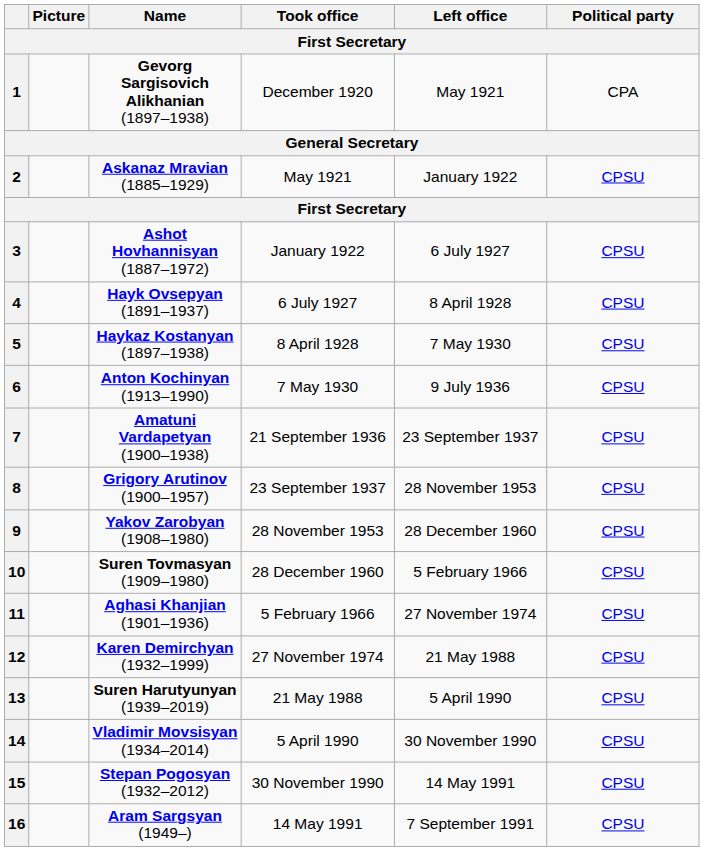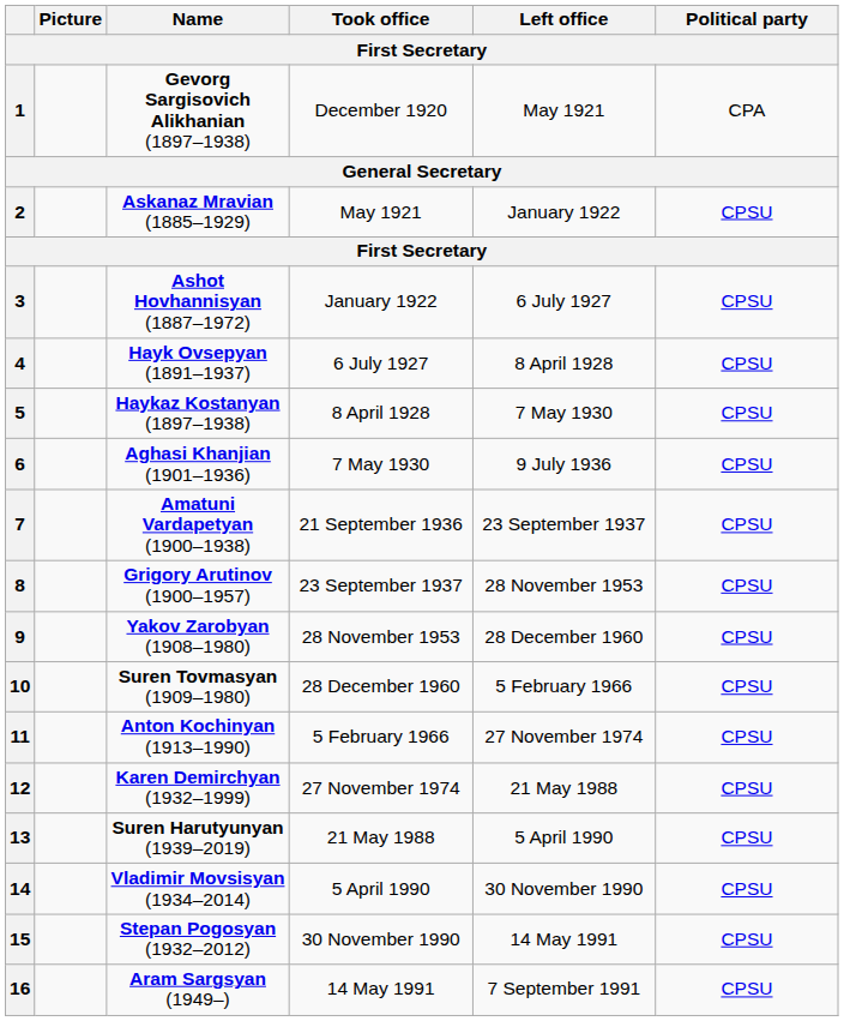 <table class="wikitable" style="text-align:center">
 <tr>
 <th></th>
 <th>Picture</th>
 <th width="150">Name<br></th>
 <th width="150">Took office</th>
 <th width="150">Left office</th>
 <th width="150">Political party</th>
 </tr>
 <tr>
 <th colspan="6" align="center">First Secretary</th>
 </tr>
 <tr>
 <th style="background:">1</th>
 <td></td>
 <td><strong>Gevorg Sargisovich Alikhanian</strong><br>(1897–1938)</td>
 <td>December 1920</td>
 <td>May 1921</td>
 <td>CPA</td>
 </tr>
 <tr>
 <th colspan="6"><strong>General Secretary</strong></th>
 </tr>
 <tr>
 <th style="background:">2</th>
 <td></td>
 <td><a href='#'><strong>Askanaz Mravian</strong></a><br>(1885–1929)</td>
 <td>May 1921</td>
 <td>January 1922</td>
 <td><a href='#'>CPSU</a></td>
 </tr>
 <tr>
 <th colspan="6"><strong>First Secretary</strong></th>
 </tr>
 <tr>
 <th style="background:">3</th>
 <td></td>
 <td><strong><a href='#'>Ashot Hovhannisyan</a></strong><br>(1887–1972)</td>
 <td>January 1922</td>
 <td>6 July 1927</td>
 <td><a href='#'>CPSU</a></td>
 </tr>
 <tr>
 <th style="background:">4</th>
 <td></td>
 <td><strong><a href='#'>Hayk Ovsepyan</a></strong><br>(1891–1937)</td>
 <td>6 July 1927</td>
 <td>8 April 1928</td>
 <td><a href='#'>CPSU</a></td>
 </tr>
 <tr>
 <th style="background:">5</th>
 <td></td>
 <td><strong><a href='#'>Haykaz Kostanyan</a></strong><br>(1897–1938)</td>
 <td>8 April 1928</td>
 <td>7 May 1930</td>
 <td><a href='#'>CPSU</a></td>
 </tr>
 <tr>
 <th style="background:">6</th>
 <td></td>
-<td><strong><a href='#'>Anton Kochinyan</a></strong><br>(1913–1990)</td>
+<td><strong><a href='#'>Aghasi Khanjian</a></strong><br>(1901–1936)</td>
 <td>7 May 1930</td>
 <td>9 July 1936</td>
 <td><a href='#'>CPSU</a></td>
 </tr>
 <tr>
 <th style="background:">7</th>
 <td></td>
 <td><strong><a href='#'>Amatuni Vardapetyan</a></strong><br>(1900–1938)</td>
 <td>21 September 1936</td>
 <td>23 September 1937</td>
 <td><a href='#'>CPSU</a></td>
 </tr>
 <tr>
 <th style="background:">8</th>
 <td></td>
 <td><strong><a href='#'>Grigory Arutinov</a></strong><br>(1900–1957)</td>
 <td>23 September 1937</td>
 <td>28 November 1953</td>
 <td><a href='#'>CPSU</a></td>
 </tr>
 <tr>
 <th style="background:">9</th>
 <td></td>
 <td><strong><a href='#'>Yakov Zarobyan</a></strong><br>(1908–1980)</td>
 <td>28 November 1953</td>
 <td>28 December 1960</td>
 <td><a href='#'>CPSU</a></td>
 </tr>
 <tr>
 <th style="background:">10</th>
 <td></td>
 <td><strong>Suren Tovmasyan</strong><br>(1909–1980)</td>
 <td>28 December 1960</td>
 <td>5 February 1966</td>
 <td><a href='#'>CPSU</a></td>
 </tr>
 <tr>
 <th style="background:">11</th>
 <td></td>
-<td><strong><a href='#'>Aghasi Khanjian</a></strong><br>(1901–1936)</td>
+<td><strong><a href='#'>Anton Kochinyan</a></strong><br>(1913–1990)</td>
 <td>5 February 1966</td>
 <td>27 November 1974</td>
 <td><a href='#'>CPSU</a></td>
 </tr>
 <tr>
 <th style="background:">12</th>
 <td></td>
 <td><strong><a href='#'>Karen Demirchyan</a></strong><br>(1932–1999)</td>
 <td>27 November 1974</td>
 <td>21 May 1988</td>
 <td><a href='#'>CPSU</a></td>
 </tr>
 <tr>
 <th style="background:">13</th>
 <td></td>
 <td><strong>Suren Harutyunyan</strong><br>(1939–2019)</td>
 <td>21 May 1988</td>
 <td>5 April 1990</td>
 <td><a href='#'>CPSU</a></td>
 </tr>
 <tr>
 <th style="background:">14</th>
 <td></td>
 <td><strong><a href='#'>Vladimir Movsisyan</a></strong><br>(1934–2014)</td>
 <td>5 April 1990</td>
 <td>30 November 1990</td>
 <td><a href='#'>CPSU</a></td>
 </tr>
 <tr>
 <th style="background:">15</th>
 <td></td>
 <td><strong><a href='#'>Stepan Pogosyan</a></strong><br>(1932–2012)</td>
 <td>30 November 1990</td>
 <td>14 May 1991</td>
 <td><a href='#'>CPSU</a></td>
 </tr>
 <tr>
 <th style="background:">16</th>
 <td></td>
 <td><strong><a href='#'>Aram Sargsyan</a></strong><br>(1949–)</td>
 <td>14 May 1991</td>
 <td>7 September 1991</td>
 <td><a href='#'>CPSU</a></td>
 </tr>
 </table>
